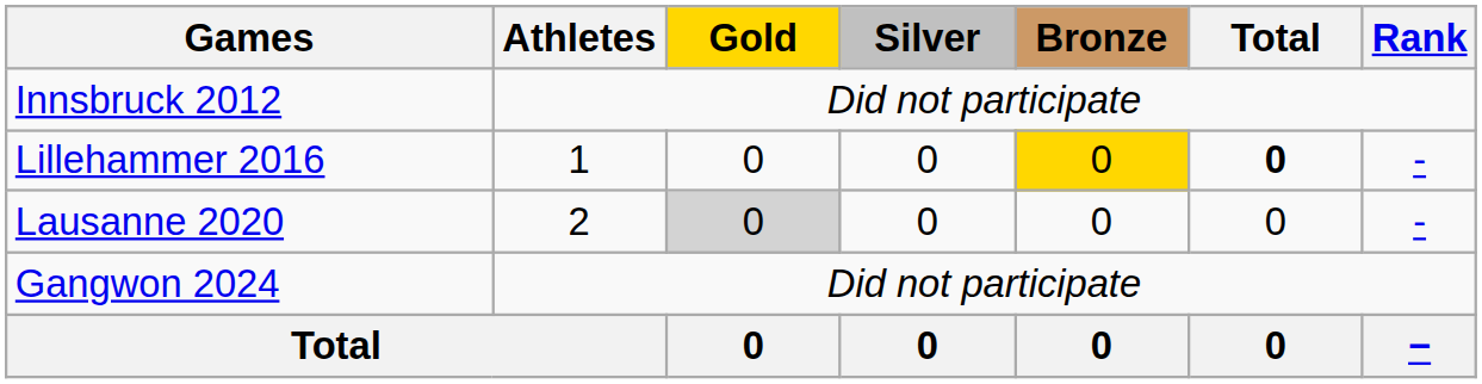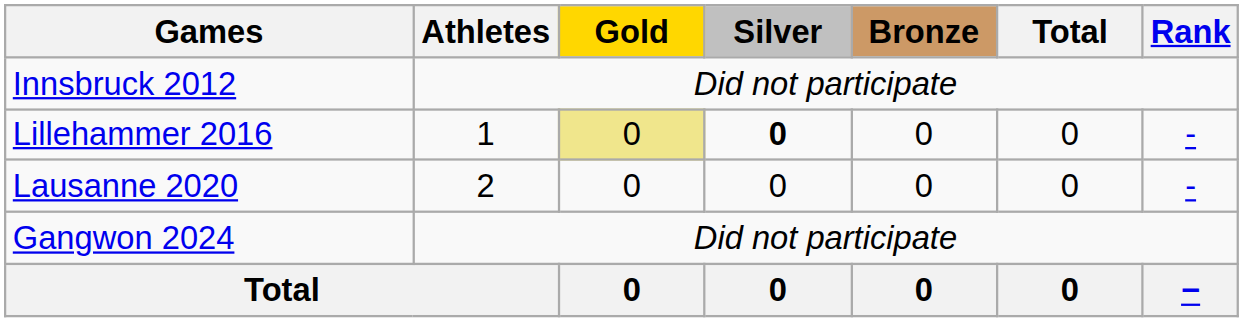 <table class="wikitable" style="text-align:center; font-size:90%;">
 <tr>
 <th style="width:12em;">Games</th>
 <th style="width:4em;">Athletes</th>
 <th style="width:4em; background:gold;">Gold</th>
 <th style="width:4em; background:silver;">Silver</th>
 <th style="width:4em; background:#cc9966;">Bronze</th>
 <th style="width:4em;">Total</th>
 <th style="width:2em;"><a href='#'>Rank</a></th>
 </tr>
 <tr>
 <td align=left> <a href='#'>Innsbruck 2012</a></td>
 <td colspan=6><em>Did not participate</em></td>
 </tr>
 <tr>
 <td align=left> <a href='#'>Lillehammer 2016</a></td>
 <td>1</td>
+<td style="background: khaki;">0</td>
+<td><strong>0</strong></td>
 <td>0</td>
 <td>0</td>
-<td style="background: gold;">0</td>
-<td><strong>0</strong></td>
 <td><a href='#'>-</a></td>
 </tr>
 <tr>
 <td align=left> <a href='#'>Lausanne 2020</a></td>
 <td>2</td>
-<td style="background: lightgrey;">0</td>
+<td>0</td>
 <td>0</td>
 <td>0</td>
 <td>0</td>
 <td><a href='#'>-</a></td>
 </tr>
 <tr>
 <td align=left> <a href='#'>Gangwon 2024</a></td>
 <td colspan=6><em>Did not participate</em></td>
 </tr>
 <tr>
 <th colspan=2>Total</th>
 <th>0</th>
 <th>0</th>
 <th>0</th>
 <th>0</th>
 <th><a href='#'>−</a></th>
 </tr>
 </table>
